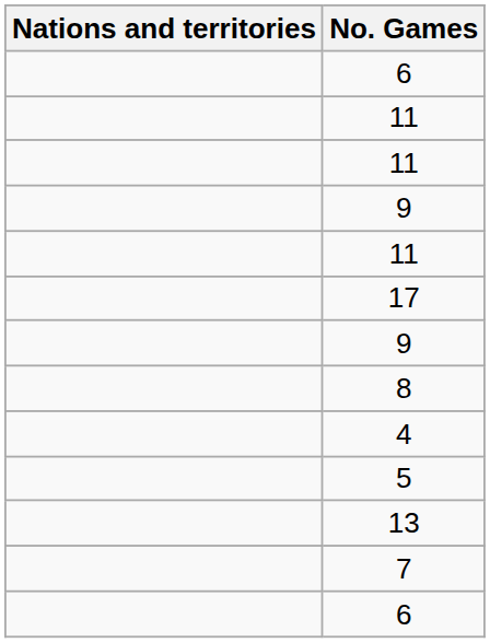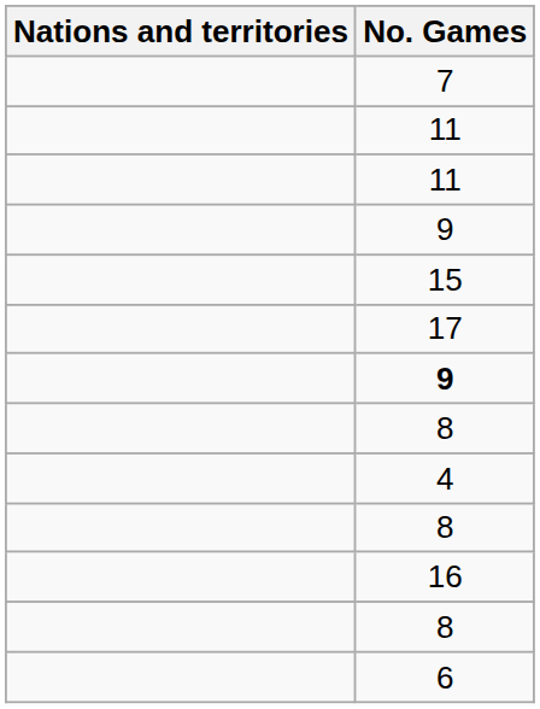 <table class="wikitable sortable" style="margin-top:0; text-align:center; font-size:90%;">
 <tr>
 <th>Nations and territories</th>
 <th>No. Games</th>
 </tr>
 <tr>
 <td align=left></td>
-<td>6</td>
+<td>7</td>
 </tr>
 <tr>
 <td align=left></td>
 <td>11</td>
 </tr>
 <tr>
 <td align=left></td>
 <td>11</td>
 </tr>
 <tr>
 <td align=left></td>
 <td>9</td>
 </tr>
 <tr>
 <td align=left></td>
-<td>11</td>
+<td>15</td>
 </tr>
 <tr>
 <td align=left></td>
 <td>17</td>
 </tr>
 <tr>
 <td align=left></td>
-<td>9</td>
+<td><strong>9</strong></td>
 </tr>
 <tr>
 <td align=left></td>
 <td>8</td>
 </tr>
 <tr>
 <td align=left></td>
 <td>4</td>
 </tr>
 <tr>
 <td align=left></td>
-<td>5</td>
+<td>8</td>
 </tr>
 <tr>
 <td align=left></td>
-<td>13</td>
+<td>16</td>
 </tr>
 <tr>
 <td align=left></td>
-<td>7</td>
+<td>8</td>
 </tr>
 <tr>
 <td align=left></td>
 <td>6</td>
 </tr>
 </table>
